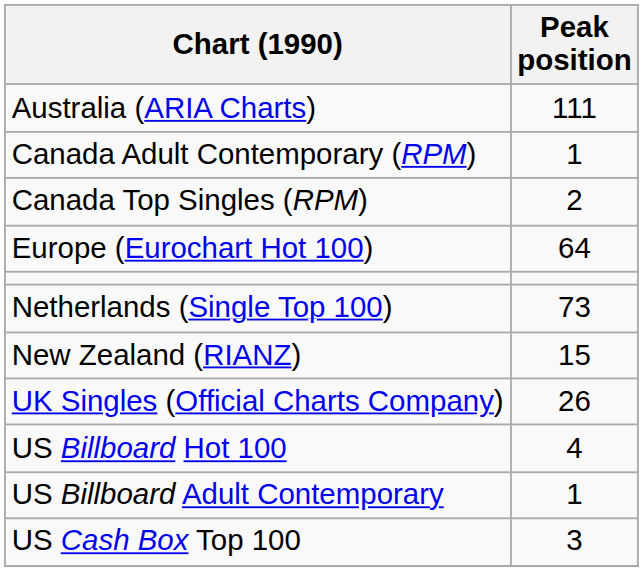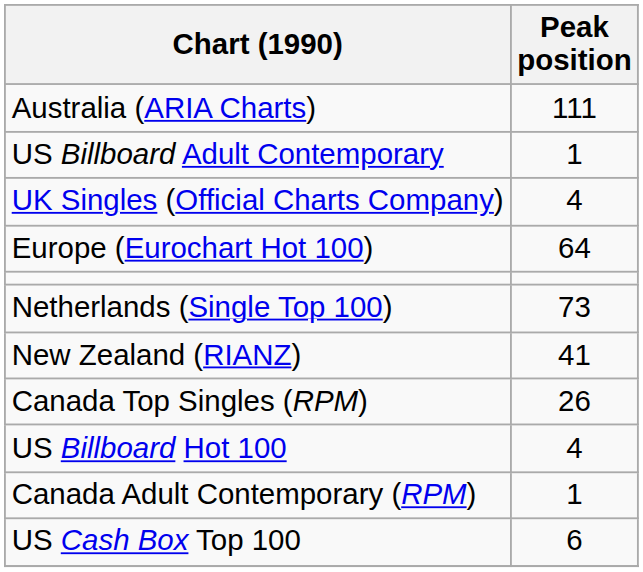 <table class="wikitable sortable">
 <tr>
 <th>Chart (1990)</th>
 <th>Peak<br>position</th>
 </tr>
 <tr>
 <td>Australia (<a href='#'>ARIA Charts</a>)</td>
 <td align="center">111</td>
 </tr>
 <tr>
-<td>Canada Adult Contemporary (<em><a href='#'>RPM</a></em>)</td>
+<td>US <em>Billboard</em> <a href='#'>Adult Contemporary</a></td>
 <td style="text-align:center;">1</td>
 </tr>
 <tr>
-<td>Canada Top Singles (<em>RPM</em>)</td>
-<td style="text-align:center;">2</td>
+<td><a href='#'>UK Singles</a> (<a href='#'>Official Charts Company</a>)</td>
+<td style="text-align:center;">4</td>
 </tr>
 <tr>
 <td>Europe (<a href='#'>Eurochart Hot 100</a>)</td>
 <td style="text-align:center;">64</td>
 </tr>
 <tr>
 <td></td>
 </tr>
 <tr>
 <td>Netherlands (<a href='#'>Single Top 100</a>)</td>
 <td style="text-align:center;">73</td>
 </tr>
 <tr>
 <td>New Zealand (<a href='#'>RIANZ</a>)</td>
-<td style="text-align:center;">15</td>
+<td style="text-align:center;">41</td>
 </tr>
 <tr>
-<td><a href='#'>UK Singles</a> (<a href='#'>Official Charts Company</a>)</td>
+<td>Canada Top Singles (<em>RPM</em>)</td>
 <td style="text-align:center;">26</td>
 </tr>
 <tr>
 <td>US <em><a href='#'>Billboard</a></em> <a href='#'>Hot 100</a></td>
 <td style="text-align:center;">4</td>
 </tr>
 <tr>
-<td>US <em>Billboard</em> <a href='#'>Adult Contemporary</a></td>
+<td>Canada Adult Contemporary (<em><a href='#'>RPM</a></em>)</td>
 <td style="text-align:center;">1</td>
 </tr>
 <tr>
 <td>US <a href='#'><em>Cash Box</em></a> Top 100</td>
-<td align="center">3</td>
+<td align="center">6</td>
 </tr>
 <tr>
 </tr>
 </table>
